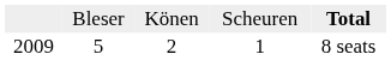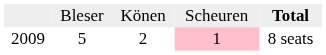 <table border="0" cellpadding="2" cellspacing="0" width="300">
 <tr bgcolor="#eeeeee" align="center">
 <td> </td>
 <td>Bleser</td>
 <td>Könen</td>
 <td>Scheuren</td>
 <td><strong>Total</strong></td>
 </tr>
 <tr align="center">
 <td>2009</td>
 <td>5</td>
 <td>2</td>
-<td>1</td>
+<td style="background: pink;">1</td>
 <td>8 seats</td>
 </tr>
 </table>
